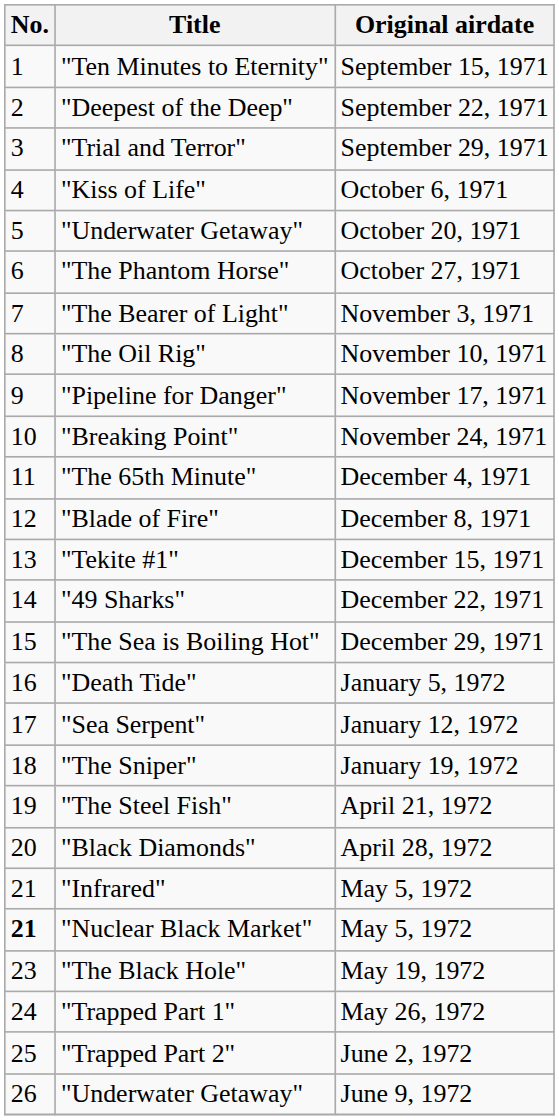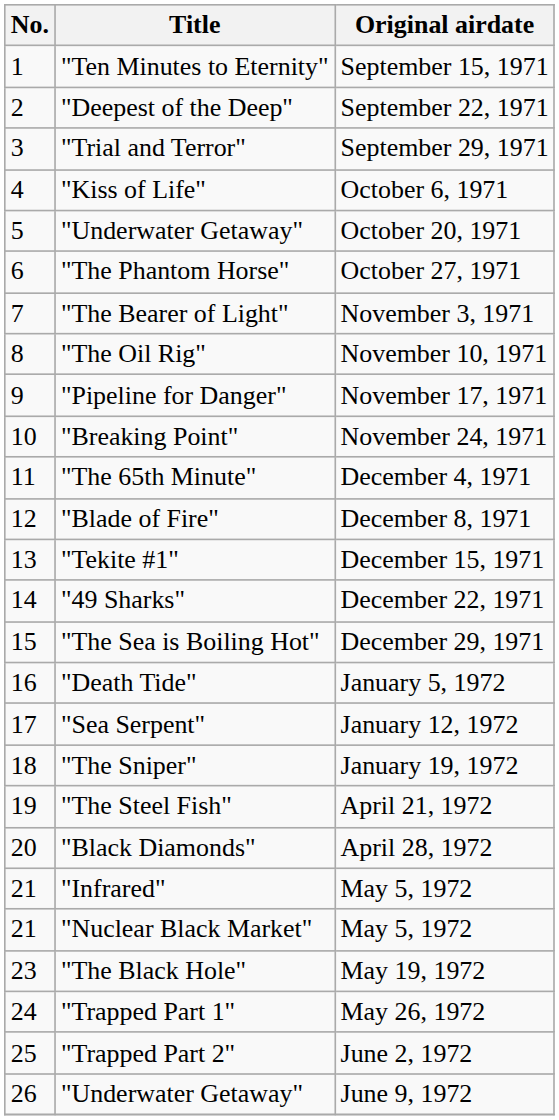 <table class="wikitable">
 <tr>
 <th>No.</th>
 <th>Title</th>
 <th>Original airdate</th>
 </tr>
 <tr>
 <td>1</td>
 <td>"Ten Minutes to Eternity"</td>
 <td>September 15, 1971</td>
 </tr>
 <tr>
 <td>2</td>
 <td>"Deepest of the Deep"</td>
 <td>September 22, 1971</td>
 </tr>
 <tr>
 <td>3</td>
 <td>"Trial and Terror"</td>
 <td>September 29, 1971</td>
 </tr>
 <tr>
 <td>4</td>
 <td>"Kiss of Life"</td>
 <td>October 6, 1971</td>
 </tr>
 <tr>
 <td>5</td>
 <td>"Underwater Getaway"</td>
 <td>October 20, 1971</td>
 </tr>
 <tr>
 <td>6</td>
 <td>"The Phantom Horse"</td>
 <td>October 27, 1971</td>
 </tr>
 <tr>
 <td>7</td>
 <td>"The Bearer of Light"</td>
 <td>November 3, 1971</td>
 </tr>
 <tr>
 <td>8</td>
 <td>"The Oil Rig"</td>
 <td>November 10, 1971</td>
 </tr>
 <tr>
 <td>9</td>
 <td>"Pipeline for Danger"</td>
 <td>November 17, 1971</td>
 </tr>
 <tr>
 <td>10</td>
 <td>"Breaking Point"</td>
 <td>November 24, 1971</td>
 </tr>
 <tr>
 <td>11</td>
 <td>"The 65th Minute"</td>
 <td>December 4, 1971</td>
 </tr>
 <tr>
 <td>12</td>
 <td>"Blade of Fire"</td>
 <td>December 8, 1971</td>
 </tr>
 <tr>
 <td>13</td>
 <td>"Tekite #1"</td>
 <td>December 15, 1971</td>
 </tr>
 <tr>
 <td>14</td>
 <td>"49 Sharks"</td>
 <td>December 22, 1971</td>
 </tr>
 <tr>
 <td>15</td>
 <td>"The Sea is Boiling Hot"</td>
 <td>December 29, 1971</td>
 </tr>
 <tr>
 <td>16</td>
 <td>"Death Tide"</td>
 <td>January 5, 1972</td>
 </tr>
 <tr>
 <td>17</td>
 <td>"Sea Serpent"</td>
 <td>January 12, 1972</td>
 </tr>
 <tr>
 <td>18</td>
 <td>"The Sniper"</td>
 <td>January 19, 1972</td>
 </tr>
 <tr>
 <td>19</td>
 <td>"The Steel Fish"</td>
 <td>April 21, 1972</td>
 </tr>
 <tr>
 <td>20</td>
 <td>"Black Diamonds"</td>
 <td>April 28, 1972</td>
 </tr>
 <tr>
 <td>21</td>
 <td>"Infrared"</td>
 <td>May 5, 1972</td>
 </tr>
 <tr>
-<td><strong>21</strong></td>
+<td>21</td>
 <td>"Nuclear Black Market"</td>
 <td>May 5, 1972</td>
 </tr>
 <tr>
 <td>23</td>
 <td>"The Black Hole"</td>
 <td>May 19, 1972</td>
 </tr>
 <tr>
 <td>24</td>
 <td>"Trapped Part 1"</td>
 <td>May 26, 1972</td>
 </tr>
 <tr>
 <td>25</td>
 <td>"Trapped Part 2"</td>
 <td>June 2, 1972</td>
 </tr>
 <tr>
 <td>26</td>
 <td>"Underwater Getaway"</td>
 <td>June 9, 1972</td>
 </tr>
 <tr>
 </tr>
 </table>
